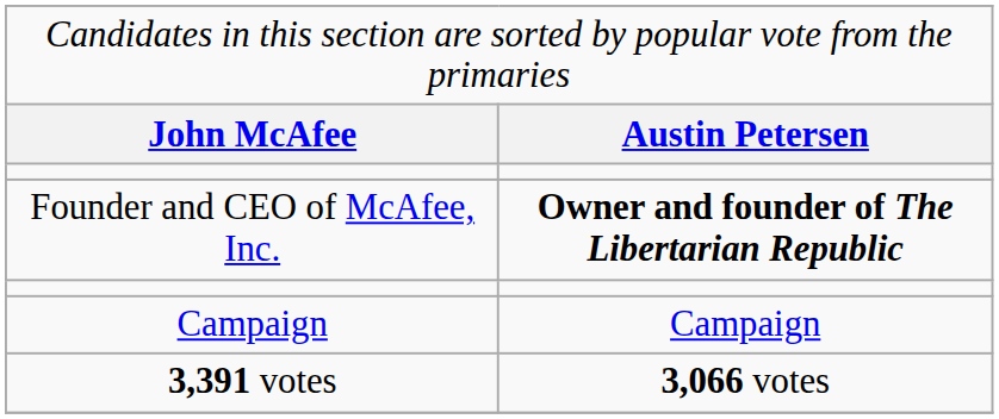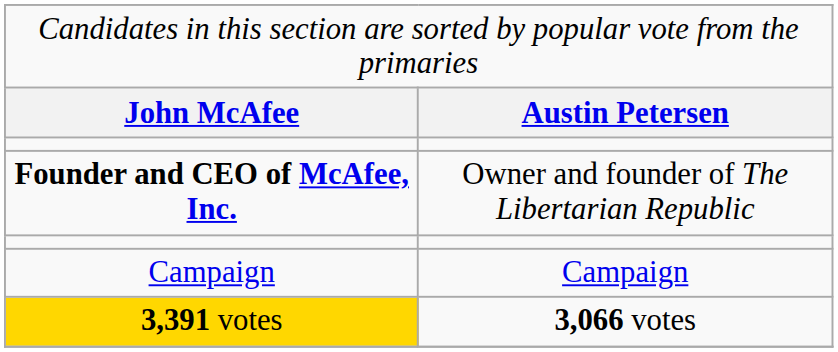 <table class="wikitable mw-collapsible mw-collapsed">
 <tr>
 <td colspan="7" style="text-align:center; color:Black; background:"><em>Candidates in this section are sorted by popular vote from the primaries</em></td>
 </tr>
 <tr>
 <th scope="col" style="width:13em;"><a href='#'>John McAfee</a></th>
 <th scope="col" style="width:13em;"><a href='#'>Austin Petersen</a></th>
 </tr>
 <tr>
 <td></td>
 <td></td>
 </tr>
 <tr style="text-align:center">
-<td>Founder and CEO of <a href='#'>McAfee, Inc.</a></td>
-<td><strong>Owner and founder of <em>The Libertarian Republic</em></strong></td>
+<td><strong>Founder and CEO of <a href='#'>McAfee, Inc.</a></strong></td>
+<td>Owner and founder of <em>The Libertarian Republic</em></td>
 </tr>
 <tr>
 <td></td>
 <td></td>
 </tr>
 <tr style="text-align:center">
 <td><a href='#'>Campaign</a></td>
 <td><a href='#'>Campaign</a></td>
 </tr>
 <tr style="text-align:center">
-<td><strong>3,391</strong> votes</td>
+<td style="background: gold;"><strong>3,391</strong> votes</td>
 <td><strong>3,066</strong> votes</td>
 </tr>
 <tr>
 </tr>
 </table>
